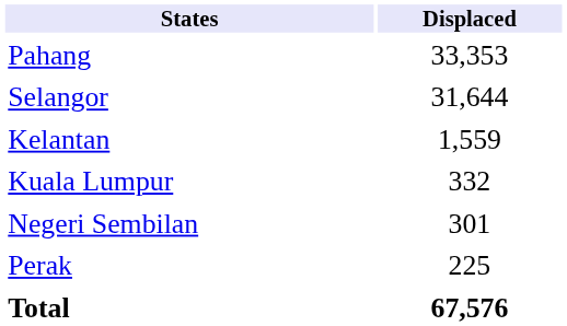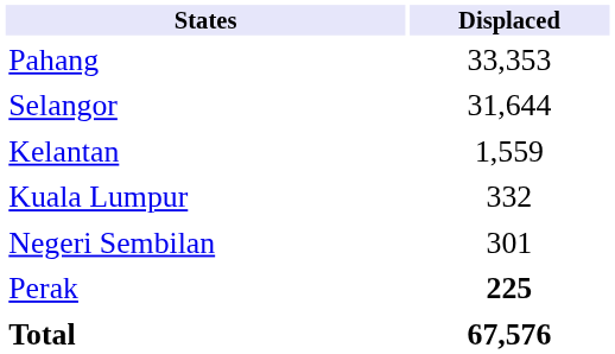 <table class="toccolours" style="font-size:88%; float:right; clear:right; margin:0.5em 0 0.5em 1em; width:20em;">
 <tr style="padding: 0; margin: 0">
 <td colspan="6" style="padding: 0; margin: 0"></td>
 </tr>
 <tr style="font-size:80%;background:lavender">
 <th>States</th>
 <th>Displaced</th>
 </tr>
 <tr>
 <td align="left"><a href='#'>Pahang</a></td>
 <td style="text-align:center;">33,353</td>
 </tr>
 <tr>
 <td align="left"><a href='#'>Selangor</a></td>
 <td style="text-align:center;">31,644</td>
 </tr>
 <tr>
 <td align="left"><a href='#'>Kelantan</a></td>
 <td style="text-align:center;">1,559</td>
 </tr>
 <tr>
 <td align="left"><a href='#'>Kuala Lumpur</a></td>
 <td style="text-align:center;">332</td>
 </tr>
 <tr>
 <td align="left"><a href='#'>Negeri Sembilan</a></td>
 <td style="text-align:center;">301</td>
 </tr>
 <tr>
 <td align="left"><a href='#'>Perak</a></td>
-<td style="text-align:center;">225</td>
+<td style="text-align:center;"><strong>225</strong></td>
 </tr>
 <tr>
 <td align="left"><strong>Total</strong></td>
 <td style="text-align:center;"><strong>67,576</strong></td>
 </tr>
 <tr style="padding: 0; margin: 0">
 <td colspan="6" style="padding: 0; margin: 0"></td>
 </tr>
 </table>
